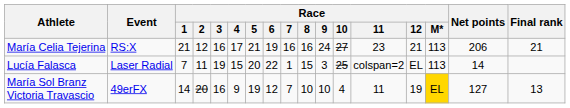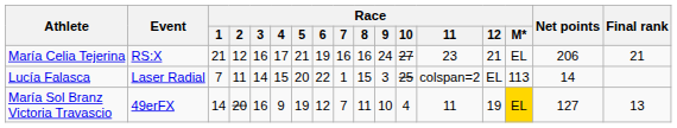 <table class="wikitable" style="font-size:90%">
 <tr>
 <th rowspan="2">Athlete</th>
 <th rowspan="2">Event</th>
 <th colspan=13>Race</th>
 <th rowspan=2>Net points</th>
 <th rowspan=2>Final rank</th>
 </tr>
 <tr style="font-size:95%">
 <th>1</th>
 <th>2</th>
 <th>3</th>
 <th>4</th>
 <th>5</th>
 <th>6</th>
 <th>7</th>
 <th>8</th>
 <th>9</th>
 <th>10</th>
 <th>11</th>
 <th>12</th>
 <th>M*</th>
 </tr>
 <tr align=center>
 <td align=left><a href='#'>María Celia Tejerina</a></td>
 <td align=left><a href='#'>RS:X</a></td>
 <td>21</td>
 <td>12</td>
 <td>16</td>
 <td>17</td>
 <td>21</td>
 <td>19</td>
 <td>16</td>
 <td>16</td>
 <td>24</td>
 <td><s>27</s></td>
 <td>23</td>
 <td>21</td>
-<td>113</td>
+<td>EL</td>
 <td>206</td>
 <td>21</td>
 </tr>
 <tr align=center>
 <td align=left><a href='#'>Lucía Falasca</a></td>
 <td align=left><a href='#'>Laser Radial</a></td>
 <td>7</td>
 <td>11</td>
-<td>19</td>
+<td>14</td>
 <td>15</td>
 <td>20</td>
 <td>22</td>
 <td>1</td>
 <td>15</td>
 <td>3</td>
 <td><s>25</s></td>
 <td>colspan=2 </td>
 <td>EL</td>
 <td>113</td>
 <td>14</td>
 </tr>
 <tr align=center>
 <td align=left><a href='#'>María Sol Branz</a><br><a href='#'>Victoria Travascio</a></td>
 <td align=left><a href='#'>49erFX</a></td>
 <td>14</td>
 <td><s>20</s></td>
 <td>16</td>
 <td>9</td>
 <td>19</td>
 <td>12</td>
 <td>7</td>
-<td>10</td>
+<td>11</td>
 <td>10</td>
 <td>4</td>
 <td>11</td>
 <td>19</td>
 <td style="background: gold;">EL</td>
 <td>127</td>
 <td>13</td>
 </tr>
 </table>
